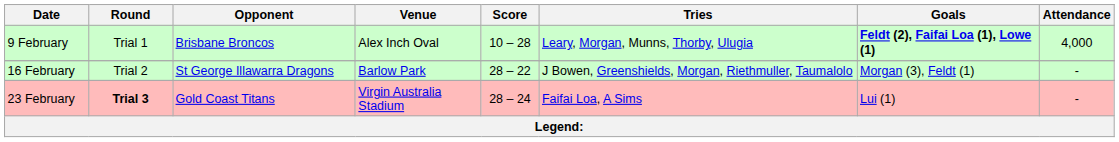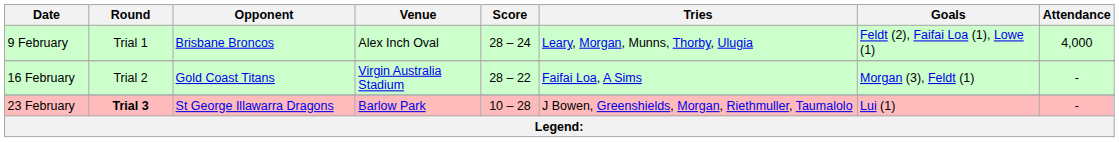 <table class="wikitable" style="font-size:75%;">
 <tr>
 <th style="width:75px;">Date</th>
 <th style="width:75px;">Round</th>
 <th style="width:170px;">Opponent</th>
 <th style="width:115px;">Venue</th>
 <th style="width:50px;">Score</th>
 <th style="width:300px;">Tries</th>
 <th style="width:170px;">Goals</th>
 <th style="width:60px;">Attendance</th>
 </tr>
 <tr style="background:#cfc;">
 <td>9 February</td>
 <td style="text-align:center;">Trial 1</td>
 <td> <a href='#'>Brisbane Broncos</a></td>
 <td>Alex Inch Oval</td>
-<td style="text-align:center;">10 – 28</td>
+<td style="text-align:center;">28 – 24</td>
 <td><a href='#'>Leary</a>, <a href='#'>Morgan</a>, Munns, <a href='#'>Thorby</a>, <a href='#'>Ulugia</a></td>
-<td><strong><a href='#'>Feldt</a> (2), <a href='#'>Faifai Loa</a> (1), <a href='#'>Lowe</a> (1)</strong></td>
+<td><a href='#'>Feldt</a> (2), <a href='#'>Faifai Loa</a> (1), <a href='#'>Lowe</a> (1)</td>
 <td style="text-align:center;">4,000</td>
 </tr>
 <tr>
 </tr>
 <tr style="background:#cfc;">
 <td>16 February</td>
 <td style="text-align:center;">Trial 2</td>
-<td> <a href='#'>St George Illawarra Dragons</a></td>
-<td><a href='#'>Barlow Park</a></td>
+<td> <a href='#'>Gold Coast Titans</a></td>
+<td><a href='#'>Virgin Australia Stadium</a></td>
 <td style="text-align:center;">28 – 22</td>
-<td>J Bowen, <a href='#'>Greenshields</a>, <a href='#'>Morgan</a>, <a href='#'>Riethmuller</a>, <a href='#'>Taumalolo</a></td>
+<td><a href='#'>Faifai Loa</a>, <a href='#'>A Sims</a></td>
 <td><a href='#'>Morgan</a> (3), <a href='#'>Feldt</a> (1)</td>
 <td style="text-align:center;">-</td>
 </tr>
 <tr>
 </tr>
 <tr style="background:#fbb;">
 <td>23 February</td>
 <td style="text-align:center;"><strong>Trial 3</strong></td>
-<td> <a href='#'>Gold Coast Titans</a></td>
-<td><a href='#'>Virgin Australia Stadium</a></td>
-<td style="text-align:center;">28 – 24</td>
-<td><a href='#'>Faifai Loa</a>, <a href='#'>A Sims</a></td>
+<td> <a href='#'>St George Illawarra Dragons</a></td>
+<td><a href='#'>Barlow Park</a></td>
+<td style="text-align:center;">10 – 28</td>
+<td>J Bowen, <a href='#'>Greenshields</a>, <a href='#'>Morgan</a>, <a href='#'>Riethmuller</a>, <a href='#'>Taumalolo</a></td>
 <td><a href='#'>Lui</a> (1)</td>
 <td style="text-align:center;">-</td>
 </tr>
 <tr>
 <th colspan="11"><strong>Legend</strong>:   </th>
 </tr>
 </table>
